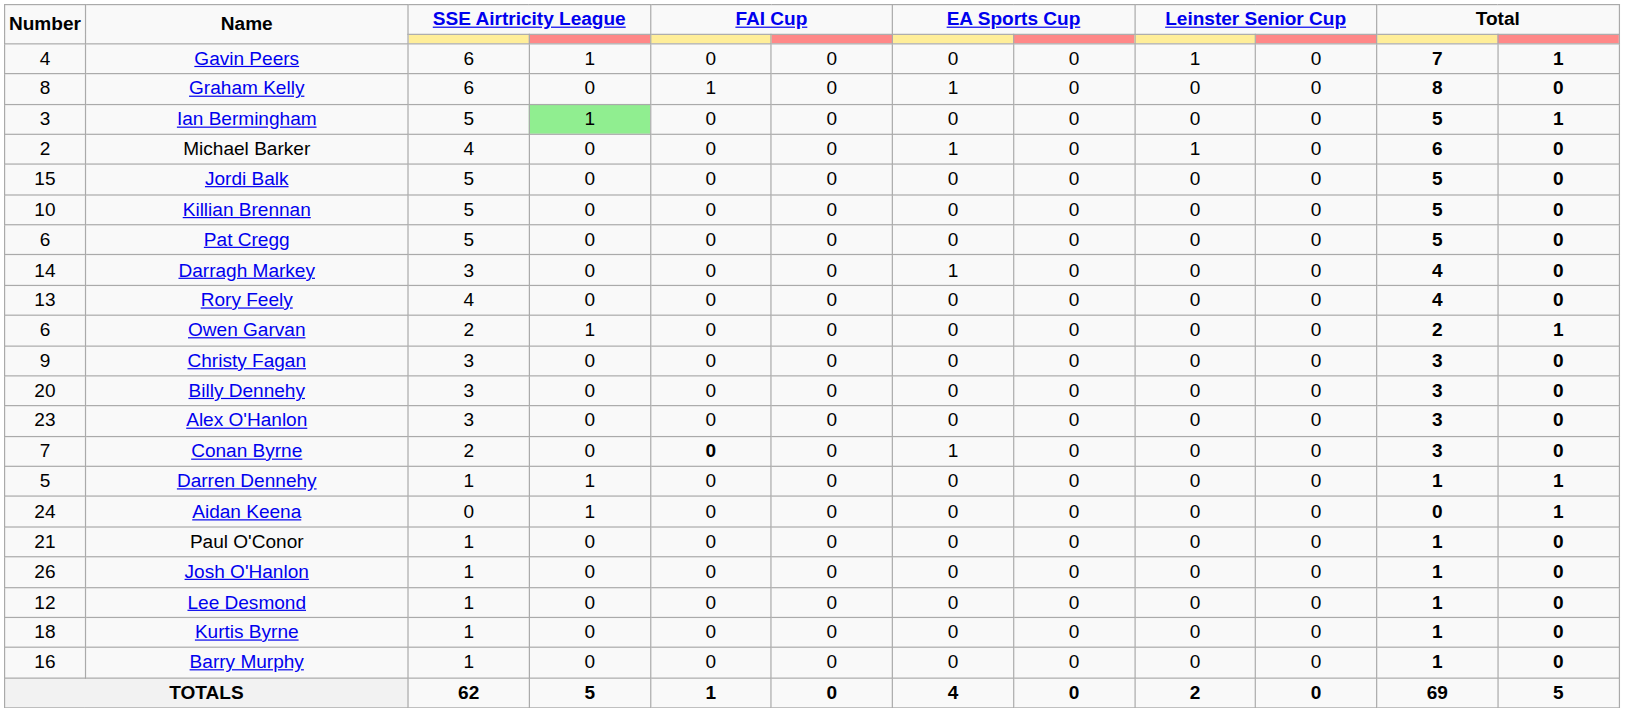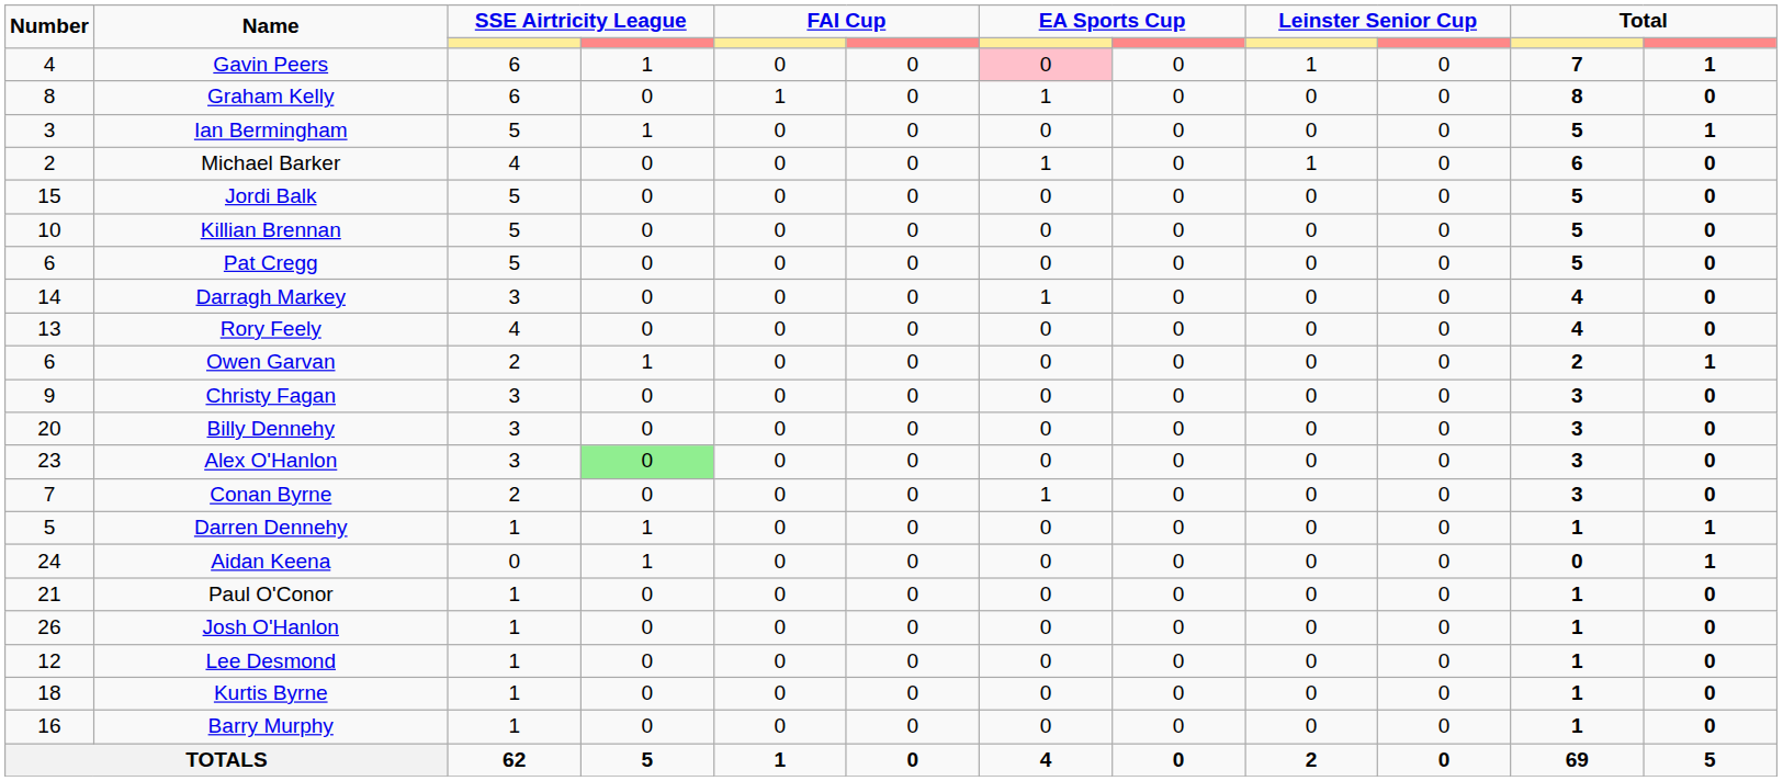 <table class="wikitable" style="text-align:center;">
 <tr style="text-align:center;">
 <td rowspan="2"  style="width:5%; "><strong>Number</strong></td>
 <td rowspan="2"  style="width:20%; "><strong>Name</strong></td>
 <td colspan="2"><strong><a href='#'>SSE Airtricity League</a></strong></td>
 <td colspan="2"><strong><a href='#'>FAI Cup</a></strong></td>
 <td colspan="2"><strong><a href='#'>EA Sports Cup</a></strong></td>
 <td colspan="2"><strong><a href='#'>Leinster Senior Cup</a></strong></td>
 <td colspan="2"><strong>Total</strong></td>
 </tr>
 <tr>
 <th style="width:60px; background:#fe9;"></th>
 <th style="width:60px; background:#ff8888;"></th>
 <th style="width:60px; background:#fe9;"></th>
 <th style="width:60px; background:#ff8888;"></th>
 <th style="width:60px; background:#fe9;"></th>
 <th style="width:60px; background:#ff8888;"></th>
 <th style="width:60px; background:#fe9;"></th>
 <th style="width:60px; background:#ff8888;"></th>
 <th style="width:60px; background:#fe9;"></th>
 <th style="width:60px; background:#ff8888;"></th>
 </tr>
 <tr>
 <td>4</td>
 <td><a href='#'>Gavin Peers</a></td>
 <td>6</td>
 <td>1</td>
 <td>0</td>
 <td>0</td>
-<td>0</td>
+<td style="background: pink;">0</td>
 <td>0</td>
 <td>1</td>
 <td>0</td>
 <td><strong>7</strong></td>
 <td><strong>1</strong></td>
 </tr>
 <tr>
 <td>8</td>
 <td><a href='#'>Graham Kelly</a></td>
 <td>6</td>
 <td>0</td>
 <td>1</td>
 <td>0</td>
 <td>1</td>
 <td>0</td>
 <td>0</td>
 <td>0</td>
 <td><strong>8</strong></td>
 <td><strong>0</strong></td>
 </tr>
 <tr>
 <td>3</td>
 <td><a href='#'>Ian Bermingham</a></td>
 <td>5</td>
-<td style="background: lightgreen;">1</td>
+<td>1</td>
 <td>0</td>
 <td>0</td>
 <td>0</td>
 <td>0</td>
 <td>0</td>
 <td>0</td>
 <td><strong>5</strong></td>
 <td><strong>1</strong></td>
 </tr>
 <tr>
 <td>2</td>
 <td>Michael Barker</td>
 <td>4</td>
 <td>0</td>
 <td>0</td>
 <td>0</td>
 <td>1</td>
 <td>0</td>
 <td>1</td>
 <td>0</td>
 <td><strong>6</strong></td>
 <td><strong>0</strong></td>
 </tr>
 <tr>
 <td>15</td>
 <td><a href='#'>Jordi Balk</a></td>
 <td>5</td>
 <td>0</td>
 <td>0</td>
 <td>0</td>
 <td>0</td>
 <td>0</td>
 <td>0</td>
 <td>0</td>
 <td><strong>5</strong></td>
 <td><strong>0</strong></td>
 </tr>
 <tr>
 <td>10</td>
 <td><a href='#'>Killian Brennan</a></td>
 <td>5</td>
 <td>0</td>
 <td>0</td>
 <td>0</td>
 <td>0</td>
 <td>0</td>
 <td>0</td>
 <td>0</td>
 <td><strong>5</strong></td>
 <td><strong>0</strong></td>
 </tr>
 <tr>
 <td>6</td>
 <td><a href='#'>Pat Cregg</a></td>
 <td>5</td>
 <td>0</td>
 <td>0</td>
 <td>0</td>
 <td>0</td>
 <td>0</td>
 <td>0</td>
 <td>0</td>
 <td><strong>5</strong></td>
 <td><strong>0</strong></td>
 </tr>
 <tr>
 <td>14</td>
 <td><a href='#'>Darragh Markey</a></td>
 <td>3</td>
 <td>0</td>
 <td>0</td>
 <td>0</td>
 <td>1</td>
 <td>0</td>
 <td>0</td>
 <td>0</td>
 <td><strong>4</strong></td>
 <td><strong>0</strong></td>
 </tr>
 <tr>
 <td>13</td>
 <td><a href='#'>Rory Feely</a></td>
 <td>4</td>
 <td>0</td>
 <td>0</td>
 <td>0</td>
 <td>0</td>
 <td>0</td>
 <td>0</td>
 <td>0</td>
 <td><strong>4</strong></td>
 <td><strong>0</strong></td>
 </tr>
 <tr>
 <td>6</td>
 <td><a href='#'>Owen Garvan</a></td>
 <td>2</td>
 <td>1</td>
 <td>0</td>
 <td>0</td>
 <td>0</td>
 <td>0</td>
 <td>0</td>
 <td>0</td>
 <td><strong>2</strong></td>
 <td><strong>1</strong></td>
 </tr>
 <tr>
 <td>9</td>
 <td><a href='#'>Christy Fagan</a></td>
 <td>3</td>
 <td>0</td>
 <td>0</td>
 <td>0</td>
 <td>0</td>
 <td>0</td>
 <td>0</td>
 <td>0</td>
 <td><strong>3</strong></td>
 <td><strong>0</strong></td>
 </tr>
 <tr>
 <td>20</td>
 <td><a href='#'>Billy Dennehy</a></td>
 <td>3</td>
 <td>0</td>
 <td>0</td>
 <td>0</td>
 <td>0</td>
 <td>0</td>
 <td>0</td>
 <td>0</td>
 <td><strong>3</strong></td>
 <td><strong>0</strong></td>
 </tr>
 <tr>
 <td>23</td>
 <td><a href='#'>Alex O'Hanlon</a></td>
 <td>3</td>
-<td>0</td>
+<td style="background: lightgreen;">0</td>
 <td>0</td>
 <td>0</td>
 <td>0</td>
 <td>0</td>
 <td>0</td>
 <td>0</td>
 <td><strong>3</strong></td>
 <td><strong>0</strong></td>
 </tr>
 <tr>
 <td>7</td>
 <td><a href='#'>Conan Byrne</a></td>
 <td>2</td>
 <td>0</td>
-<td><strong>0</strong></td>
+<td>0</td>
 <td>0</td>
 <td>1</td>
 <td>0</td>
 <td>0</td>
 <td>0</td>
 <td><strong>3</strong></td>
 <td><strong>0</strong></td>
 </tr>
 <tr>
 <td>5</td>
 <td><a href='#'>Darren Dennehy</a></td>
 <td>1</td>
 <td>1</td>
 <td>0</td>
 <td>0</td>
 <td>0</td>
 <td>0</td>
 <td>0</td>
 <td>0</td>
 <td><strong>1</strong></td>
 <td><strong>1</strong></td>
 </tr>
 <tr>
 <td>24</td>
 <td><a href='#'>Aidan Keena</a></td>
 <td>0</td>
 <td>1</td>
 <td>0</td>
 <td>0</td>
 <td>0</td>
 <td>0</td>
 <td>0</td>
 <td>0</td>
 <td><strong>0</strong></td>
 <td><strong>1</strong></td>
 </tr>
 <tr>
 <td>21</td>
 <td>Paul O'Conor</td>
 <td>1</td>
 <td>0</td>
 <td>0</td>
 <td>0</td>
 <td>0</td>
 <td>0</td>
 <td>0</td>
 <td>0</td>
 <td><strong>1</strong></td>
 <td><strong>0</strong></td>
 </tr>
 <tr>
 <td>26</td>
 <td><a href='#'>Josh O'Hanlon</a></td>
 <td>1</td>
 <td>0</td>
 <td>0</td>
 <td>0</td>
 <td>0</td>
 <td>0</td>
 <td>0</td>
 <td>0</td>
 <td><strong>1</strong></td>
 <td><strong>0</strong></td>
 </tr>
 <tr>
 <td>12</td>
 <td><a href='#'>Lee Desmond</a></td>
 <td>1</td>
 <td>0</td>
 <td>0</td>
 <td>0</td>
 <td>0</td>
 <td>0</td>
 <td>0</td>
 <td>0</td>
 <td><strong>1</strong></td>
 <td><strong>0</strong></td>
 </tr>
 <tr>
 <td>18</td>
 <td><a href='#'>Kurtis Byrne</a></td>
 <td>1</td>
 <td>0</td>
 <td>0</td>
 <td>0</td>
 <td>0</td>
 <td>0</td>
 <td>0</td>
 <td>0</td>
 <td><strong>1</strong></td>
 <td><strong>0</strong></td>
 </tr>
 <tr>
 <td>16</td>
 <td><a href='#'>Barry Murphy</a></td>
 <td>1</td>
 <td>0</td>
 <td>0</td>
 <td>0</td>
 <td>0</td>
 <td>0</td>
 <td>0</td>
 <td>0</td>
 <td><strong>1</strong></td>
 <td><strong>0</strong></td>
 </tr>
 <tr>
 <th colspan="2">TOTALS</th>
 <td><strong>62</strong></td>
 <td><strong>5</strong></td>
 <td><strong>1</strong></td>
 <td><strong>0</strong></td>
 <td><strong>4</strong></td>
 <td><strong>0</strong></td>
 <td><strong>2</strong></td>
 <td><strong>0</strong></td>
 <td><strong>69</strong></td>
 <td><strong>5</strong></td>
 </tr>
 </table>
